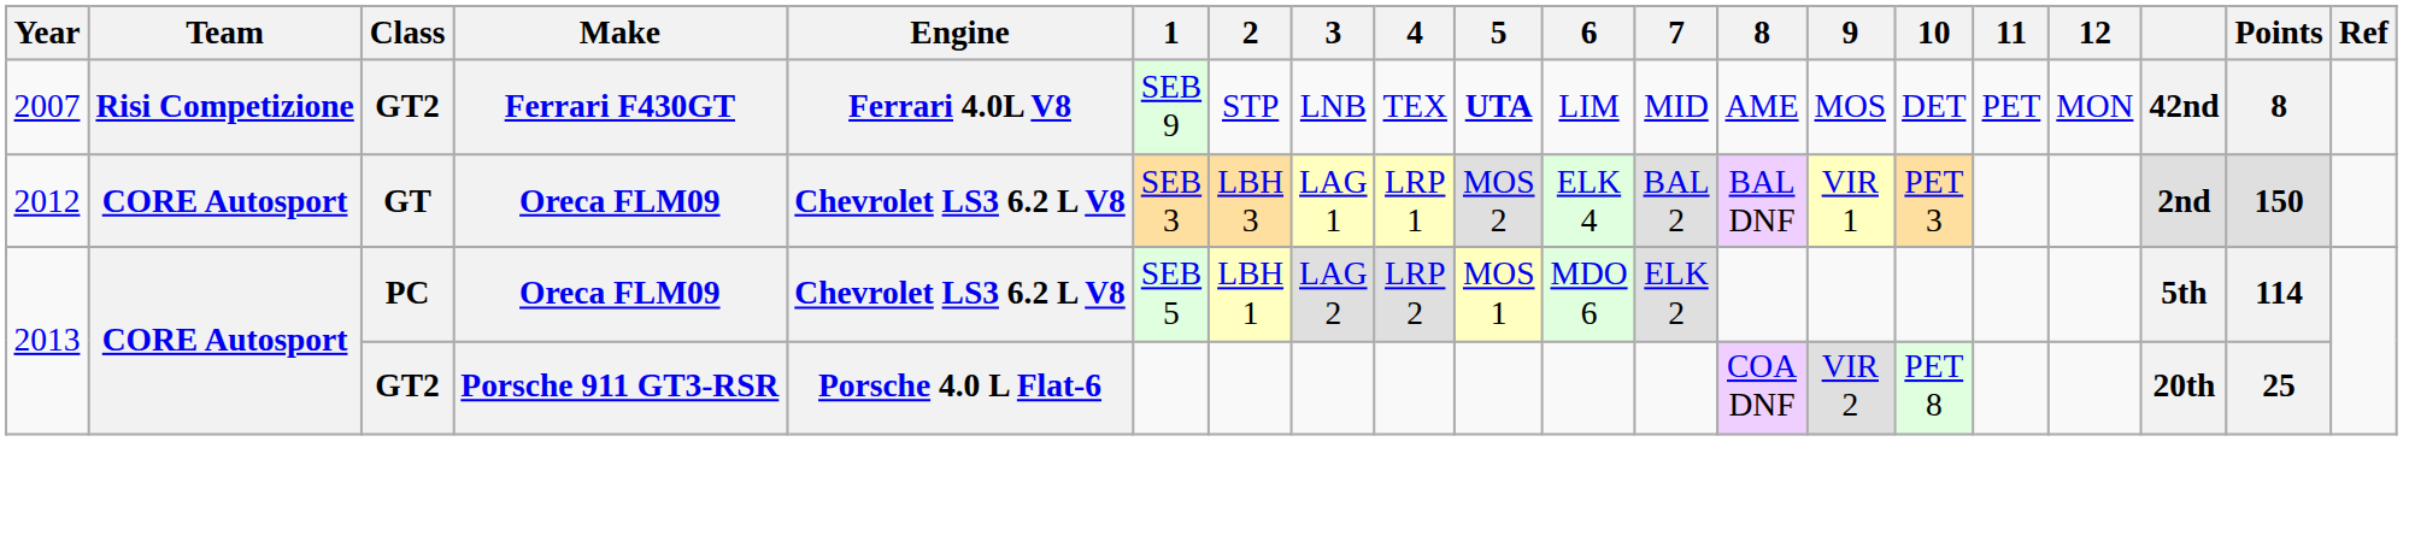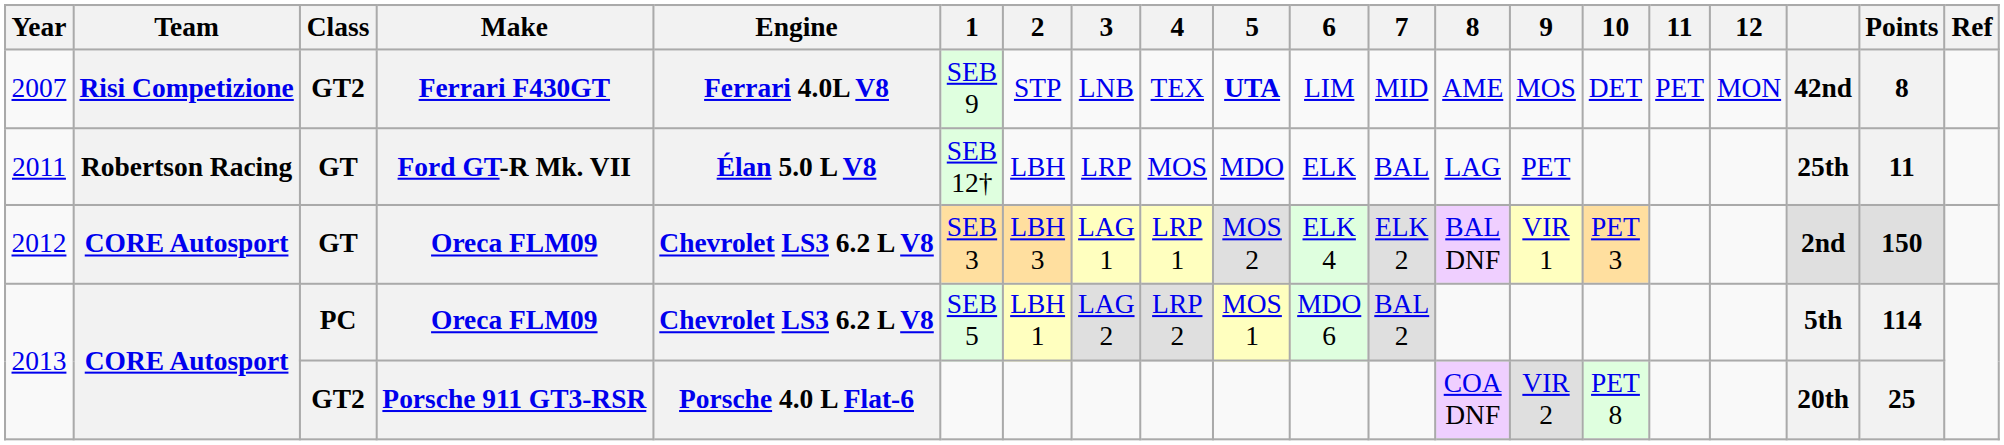 <table class="wikitable" style="text-align:center; font-size:85%">
 <tr>
 <th>Year</th>
 <th>Team</th>
 <th>Class</th>
 <th>Make</th>
 <th>Engine</th>
 <th>1</th>
 <th>2</th>
 <th>3</th>
 <th>4</th>
 <th>5</th>
 <th>6</th>
 <th>7</th>
 <th>8</th>
 <th>9</th>
 <th>10</th>
 <th>11</th>
 <th>12</th>
 <th></th>
 <th>Points</th>
 <th>Ref</th>
 </tr>
 <tr>
 <td><a href='#'>2007</a></td>
 <th nowrap><a href='#'>Risi Competizione</a></th>
 <th>GT2</th>
 <th nowrap><a href='#'>Ferrari F430GT</a></th>
 <th nowrap><a href='#'>Ferrari</a> 4.0L <a href='#'>V8</a></th>
 <td style="background:#DFFFDF;"><a href='#'>SEB</a><br>9</td>
 <td><a href='#'>STP</a></td>
 <td><a href='#'>LNB</a></td>
 <td><a href='#'>TEX</a></td>
 <td><strong><a href='#'>UTA</a></strong></td>
 <td><a href='#'>LIM</a></td>
 <td><a href='#'>MID</a></td>
 <td><a href='#'>AME</a></td>
 <td><a href='#'>MOS</a></td>
 <td><a href='#'>DET</a></td>
 <td><a href='#'>PET</a></td>
 <td><a href='#'>MON</a></td>
 <th>42nd</th>
 <th>8</th>
 <td></td>
 </tr>
 <tr>
+<td><a href='#'>2011</a></td>
+<th nowrap>Robertson Racing</th>
+<th>GT</th>
+<th nowrap><a href='#'>Ford GT</a>-R Mk. VII</th>
+<th nowrap><a href='#'>Élan</a> 5.0 L <a href='#'>V8</a></th>
+<td style="background:#DFFFDF;"><a href='#'>SEB</a><br>12†</td>
+<td><a href='#'>LBH</a></td>
+<td><a href='#'>LRP</a></td>
+<td><a href='#'>MOS</a></td>
+<td><a href='#'>MDO</a></td>
+<td><a href='#'>ELK</a></td>
+<td><a href='#'>BAL</a></td>
+<td><a href='#'>LAG</a></td>
+<td><a href='#'>PET</a></td>
+<td></td>
+<td></td>
+<td></td>
+<th>25th</th>
+<th>11</th>
+<td></td>
+</tr>
+<tr>
 <td><a href='#'>2012</a></td>
 <th nowrap><a href='#'>CORE Autosport</a></th>
 <th>GT</th>
 <th nowrap><a href='#'>Oreca FLM09</a></th>
 <th nowrap><a href='#'>Chevrolet</a> <a href='#'>LS3</a> 6.2 L <a href='#'>V8</a></th>
 <td style="background:#FFDF9F;”"><a href='#'>SEB</a><br>3</td>
 <td style="background:#FFDF9F;”"><a href='#'>LBH</a><br>3</td>
 <td style="background:#FFFFBF;”"><a href='#'>LAG</a><br>1</td>
 <td style="background:#FFFFBF;”"><a href='#'>LRP</a><br>1</td>
 <td style="background:#DFDFDF;"><a href='#'>MOS</a><br>2</td>
 <td style="background:#DFFFDF;"><a href='#'>ELK</a><br>4</td>
-<td style="background:#DFDFDF;"><a href='#'>BAL</a><br>2</td>
+<td style="background:#DFDFDF;"><a href='#'>ELK</a><br>2</td>
 <td style="background:#EFCFFF;"><a href='#'>BAL</a><br>DNF</td>
 <td style="background:#FFFFBF;”"><a href='#'>VIR</a><br>1</td>
 <td style="background:#FFDF9F;”"><a href='#'>PET</a><br>3</td>
 <td></td>
 <td></td>
 <th style="background:#DFDFDF;”">2nd</th>
 <th style="background:#DFDFDF;”">150</th>
 <td></td>
 </tr>
 <tr>
 <td rowspan="2"><a href='#'>2013</a></td>
 <th rowspan="2" nowrap><a href='#'>CORE Autosport</a></th>
 <th>PC</th>
 <th nowrap><a href='#'>Oreca FLM09</a></th>
 <th nowrap><a href='#'>Chevrolet</a> <a href='#'>LS3</a> 6.2 L <a href='#'>V8</a></th>
 <td style="background:#DFFFDF;"><a href='#'>SEB</a><br>5</td>
 <td style="background:#FFFFBF;”"><a href='#'>LBH</a><br>1</td>
 <td style="background:#DFDFDF;"><a href='#'>LAG</a><br>2</td>
 <td style="background:#DFDFDF;"><a href='#'>LRP</a><br>2</td>
 <td style="background:#FFFFBF;”"><a href='#'>MOS</a><br>1</td>
 <td style="background:#DFFFDF;"><a href='#'>MDO</a><br>6</td>
-<td style="background:#DFDFDF;"><a href='#'>ELK</a><br>2</td>
+<td style="background:#DFDFDF;"><a href='#'>BAL</a><br>2</td>
 <td></td>
 <td></td>
 <td></td>
 <td></td>
 <td></td>
 <th>5th</th>
 <th>114</th>
 <td rowspan="2"></td>
 </tr>
 <tr>
 <th>GT2</th>
 <th><a href='#'>Porsche 911 GT3-RSR</a></th>
 <th><a href='#'>Porsche</a> 4.0 L <a href='#'>Flat-6</a></th>
 <td></td>
 <td></td>
 <td></td>
 <td></td>
 <td></td>
 <td></td>
 <td></td>
 <td style="background:#EFCFFF;"><a href='#'>COA</a><br>DNF</td>
 <td style="background:#DFDFDF;"><a href='#'>VIR</a><br>2</td>
 <td style="background:#DFFFDF;"><a href='#'>PET</a><br>8</td>
 <td></td>
 <td></td>
 <th>20th</th>
 <th>25</th>
 </tr>
 </table>
